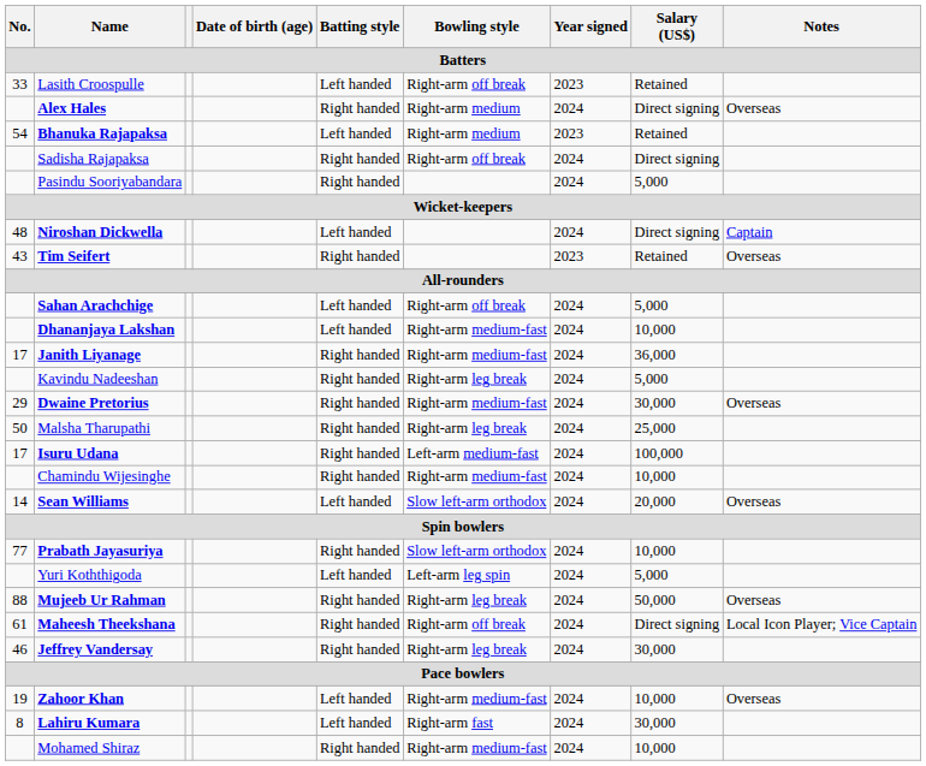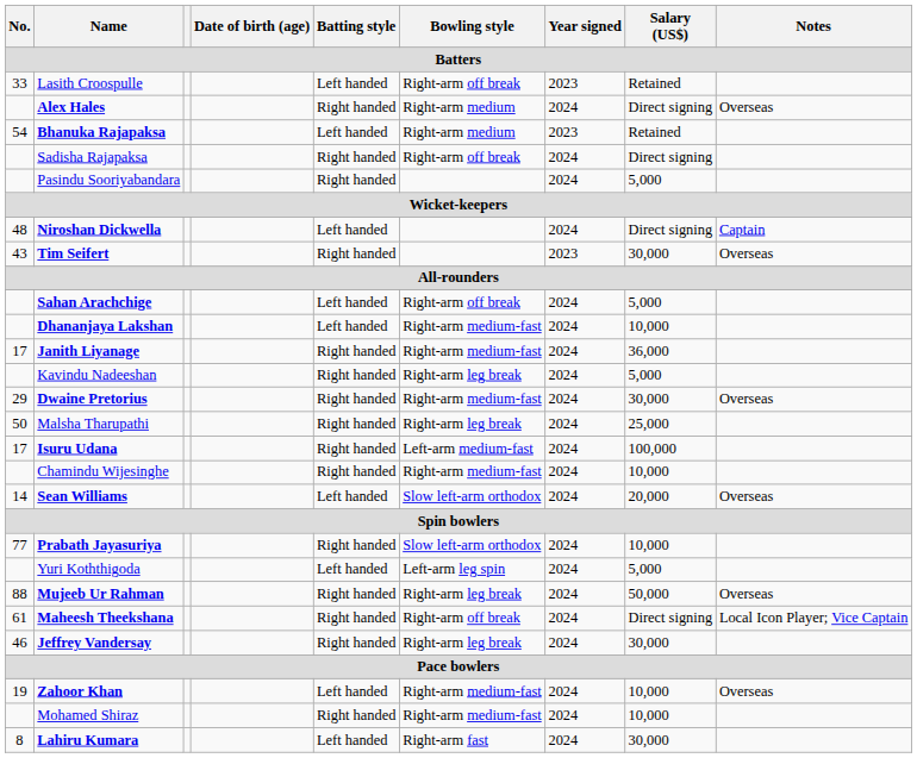 <table class="wikitable" style="font-size:90%;">
 <tr>
 <th scope="col">No.</th>
 <th scope="col">Name</th>
 <th scope="col"></th>
 <th scope="col">Date of birth (age)</th>
 <th scope="col">Batting style</th>
 <th scope="col">Bowling style</th>
 <th scope="col">Year signed</th>
 <th scope="col">Salary <br> (US$)</th>
 <th scope="col">Notes</th>
 </tr>
 <tr>
 <th colspan="9" style="background:#dcdcdc; text-align:center;">Batters</th>
 </tr>
 <tr>
 <td style="text-align:center;">33</td>
 <td><a href='#'>Lasith Croospulle</a></td>
 <td></td>
 <td></td>
 <td>Left handed</td>
 <td>Right-arm <a href='#'>off break</a></td>
 <td>2023</td>
 <td>Retained</td>
 <td></td>
 </tr>
 <tr>
 <td></td>
 <td><strong><a href='#'>Alex Hales</a></strong></td>
 <td></td>
 <td></td>
 <td>Right handed</td>
 <td>Right-arm <a href='#'>medium</a></td>
 <td>2024</td>
 <td>Direct signing</td>
 <td>Overseas</td>
 </tr>
 <tr>
 <td style="text-align:center;">54</td>
 <td><strong><a href='#'>Bhanuka Rajapaksa</a></strong></td>
 <td></td>
 <td></td>
 <td>Left handed</td>
 <td>Right-arm <a href='#'>medium</a></td>
 <td>2023</td>
 <td>Retained</td>
 <td></td>
 </tr>
 <tr>
 <td></td>
 <td><a href='#'>Sadisha Rajapaksa</a></td>
 <td></td>
 <td></td>
 <td>Right handed</td>
 <td>Right-arm <a href='#'>off break</a></td>
 <td>2024</td>
 <td>Direct signing</td>
 <td></td>
 </tr>
 <tr>
 <td></td>
 <td><a href='#'>Pasindu Sooriyabandara</a></td>
 <td></td>
 <td></td>
 <td>Right handed</td>
 <td></td>
 <td>2024</td>
 <td>5,000</td>
 <td></td>
 </tr>
 <tr>
 <th colspan="9" style="background:#dcdcdc; text-align:center;">Wicket-keepers</th>
 </tr>
 <tr>
 <td style="text-align:center;">48</td>
 <td><strong><a href='#'>Niroshan Dickwella</a></strong></td>
 <td></td>
 <td></td>
 <td>Left handed</td>
 <td></td>
 <td>2024</td>
 <td>Direct signing</td>
 <td><a href='#'>Captain</a></td>
 </tr>
 <tr>
 <td style="text-align:center;">43</td>
 <td><strong><a href='#'>Tim Seifert</a></strong></td>
 <td></td>
 <td></td>
 <td>Right handed</td>
 <td></td>
 <td>2023</td>
-<td>Retained</td>
+<td>30,000</td>
 <td>Overseas</td>
 </tr>
 <tr>
 <th colspan="9" style="background:#dcdcdc; text-align:center;">All-rounders</th>
 </tr>
 <tr>
 <td style="text-align:center;"></td>
 <td><strong><a href='#'>Sahan Arachchige</a></strong></td>
 <td></td>
 <td></td>
 <td>Left handed</td>
 <td>Right-arm <a href='#'>off break</a></td>
 <td>2024</td>
 <td>5,000</td>
 <td></td>
 </tr>
 <tr>
 <td></td>
 <td><strong><a href='#'>Dhananjaya Lakshan</a></strong></td>
 <td></td>
 <td></td>
 <td>Left handed</td>
 <td>Right-arm <a href='#'>medium-fast</a></td>
 <td>2024</td>
 <td>10,000</td>
 <td></td>
 </tr>
 <tr>
 <td style="text-align:center;">17</td>
 <td><strong><a href='#'>Janith Liyanage</a></strong></td>
 <td></td>
 <td></td>
 <td>Right handed</td>
 <td>Right-arm <a href='#'>medium-fast</a></td>
 <td>2024</td>
 <td>36,000</td>
 <td></td>
 </tr>
 <tr>
 <td></td>
 <td><a href='#'>Kavindu Nadeeshan</a></td>
 <td></td>
 <td></td>
 <td>Right handed</td>
 <td>Right-arm <a href='#'>leg break</a></td>
 <td>2024</td>
 <td>5,000</td>
 <td></td>
 </tr>
 <tr>
 <td style="text-align:center;">29</td>
 <td><strong><a href='#'>Dwaine Pretorius</a></strong></td>
 <td></td>
 <td></td>
 <td>Right handed</td>
 <td>Right-arm <a href='#'>medium-fast</a></td>
 <td>2024</td>
 <td>30,000</td>
 <td>Overseas</td>
 </tr>
 <tr>
 <td style="text-align:center;">50</td>
 <td><a href='#'>Malsha Tharupathi</a></td>
 <td></td>
 <td></td>
 <td>Right handed</td>
 <td>Right-arm <a href='#'>leg break</a></td>
 <td>2024</td>
 <td>25,000</td>
 <td></td>
 </tr>
 <tr>
 <td style="text-align:center;">17</td>
 <td><strong><a href='#'>Isuru Udana</a></strong></td>
 <td></td>
 <td></td>
 <td>Right handed</td>
 <td>Left-arm <a href='#'>medium-fast</a></td>
 <td>2024</td>
 <td>100,000</td>
 <td></td>
 </tr>
 <tr>
 <td></td>
 <td><a href='#'>Chamindu Wijesinghe</a></td>
 <td></td>
 <td></td>
 <td>Right handed</td>
 <td>Right-arm <a href='#'>medium-fast</a></td>
 <td>2024</td>
 <td>10,000</td>
 <td></td>
 </tr>
 <tr>
 <td style="text-align:center;">14</td>
 <td><a href='#'><strong>Sean Williams</strong></a></td>
 <td></td>
 <td></td>
 <td>Left handed</td>
 <td><a href='#'>Slow left-arm orthodox</a></td>
 <td>2024</td>
 <td>20,000</td>
 <td>Overseas</td>
 </tr>
 <tr>
 <th colspan="9" style="background:#dcdcdc; text-align:center;">Spin bowlers</th>
 </tr>
 <tr>
 <td style="text-align:center;">77</td>
 <td><strong><a href='#'>Prabath Jayasuriya</a></strong></td>
 <td></td>
 <td></td>
 <td>Right handed</td>
 <td><a href='#'>Slow left-arm orthodox</a></td>
 <td>2024</td>
 <td>10,000</td>
 <td></td>
 </tr>
 <tr>
 <td></td>
 <td><a href='#'>Yuri Koththigoda</a></td>
 <td></td>
 <td></td>
 <td>Left handed</td>
 <td>Left-arm <a href='#'>leg spin</a></td>
 <td>2024</td>
 <td>5,000</td>
 <td></td>
 </tr>
 <tr>
 <td style="text-align:center;">88</td>
 <td><strong><a href='#'>Mujeeb Ur Rahman</a></strong></td>
 <td></td>
 <td></td>
 <td>Right handed</td>
 <td>Right-arm <a href='#'>leg break</a></td>
 <td>2024</td>
 <td>50,000</td>
 <td>Overseas</td>
 </tr>
 <tr>
 <td style="text-align:center;">61</td>
 <td><strong><a href='#'>Maheesh Theekshana</a></strong></td>
 <td></td>
 <td></td>
 <td>Right handed</td>
 <td>Right-arm <a href='#'>off break</a></td>
 <td>2024</td>
 <td>Direct signing</td>
 <td>Local Icon Player; <a href='#'>Vice Captain</a></td>
 </tr>
 <tr>
 <td style="text-align:center;">46</td>
 <td><strong><a href='#'>Jeffrey Vandersay</a></strong></td>
 <td></td>
 <td></td>
 <td>Right handed</td>
 <td>Right-arm <a href='#'>leg break</a></td>
 <td>2024</td>
 <td>30,000</td>
 <td></td>
 </tr>
 <tr>
 <th colspan="9" style="background:#dcdcdc; text-align:center;">Pace bowlers</th>
 </tr>
 <tr>
 <td style="text-align:center;">19</td>
 <td><strong><a href='#'>Zahoor Khan</a></strong></td>
 <td></td>
 <td></td>
 <td>Left handed</td>
 <td>Right-arm <a href='#'>medium-fast</a></td>
 <td>2024</td>
 <td>10,000</td>
 <td>Overseas</td>
 </tr>
 <tr>
+<td></td>
+<td><a href='#'>Mohamed Shiraz</a></td>
+<td></td>
+<td></td>
+<td>Right handed</td>
+<td>Right-arm <a href='#'>medium-fast</a></td>
+<td>2024</td>
+<td>10,000</td>
+<td></td>
+</tr>
+<tr>
 <td style="text-align:center;">8</td>
 <td><strong><a href='#'>Lahiru Kumara</a></strong></td>
 <td></td>
 <td></td>
 <td>Left handed</td>
 <td>Right-arm <a href='#'>fast</a></td>
 <td>2024</td>
 <td>30,000</td>
 <td></td>
 </tr>
-<tr>
-<td></td>
-<td><a href='#'>Mohamed Shiraz</a></td>
-<td></td>
-<td></td>
-<td>Right handed</td>
-<td>Right-arm <a href='#'>medium-fast</a></td>
-<td>2024</td>
-<td>10,000</td>
-<td></td>
-</tr>
 </table>
